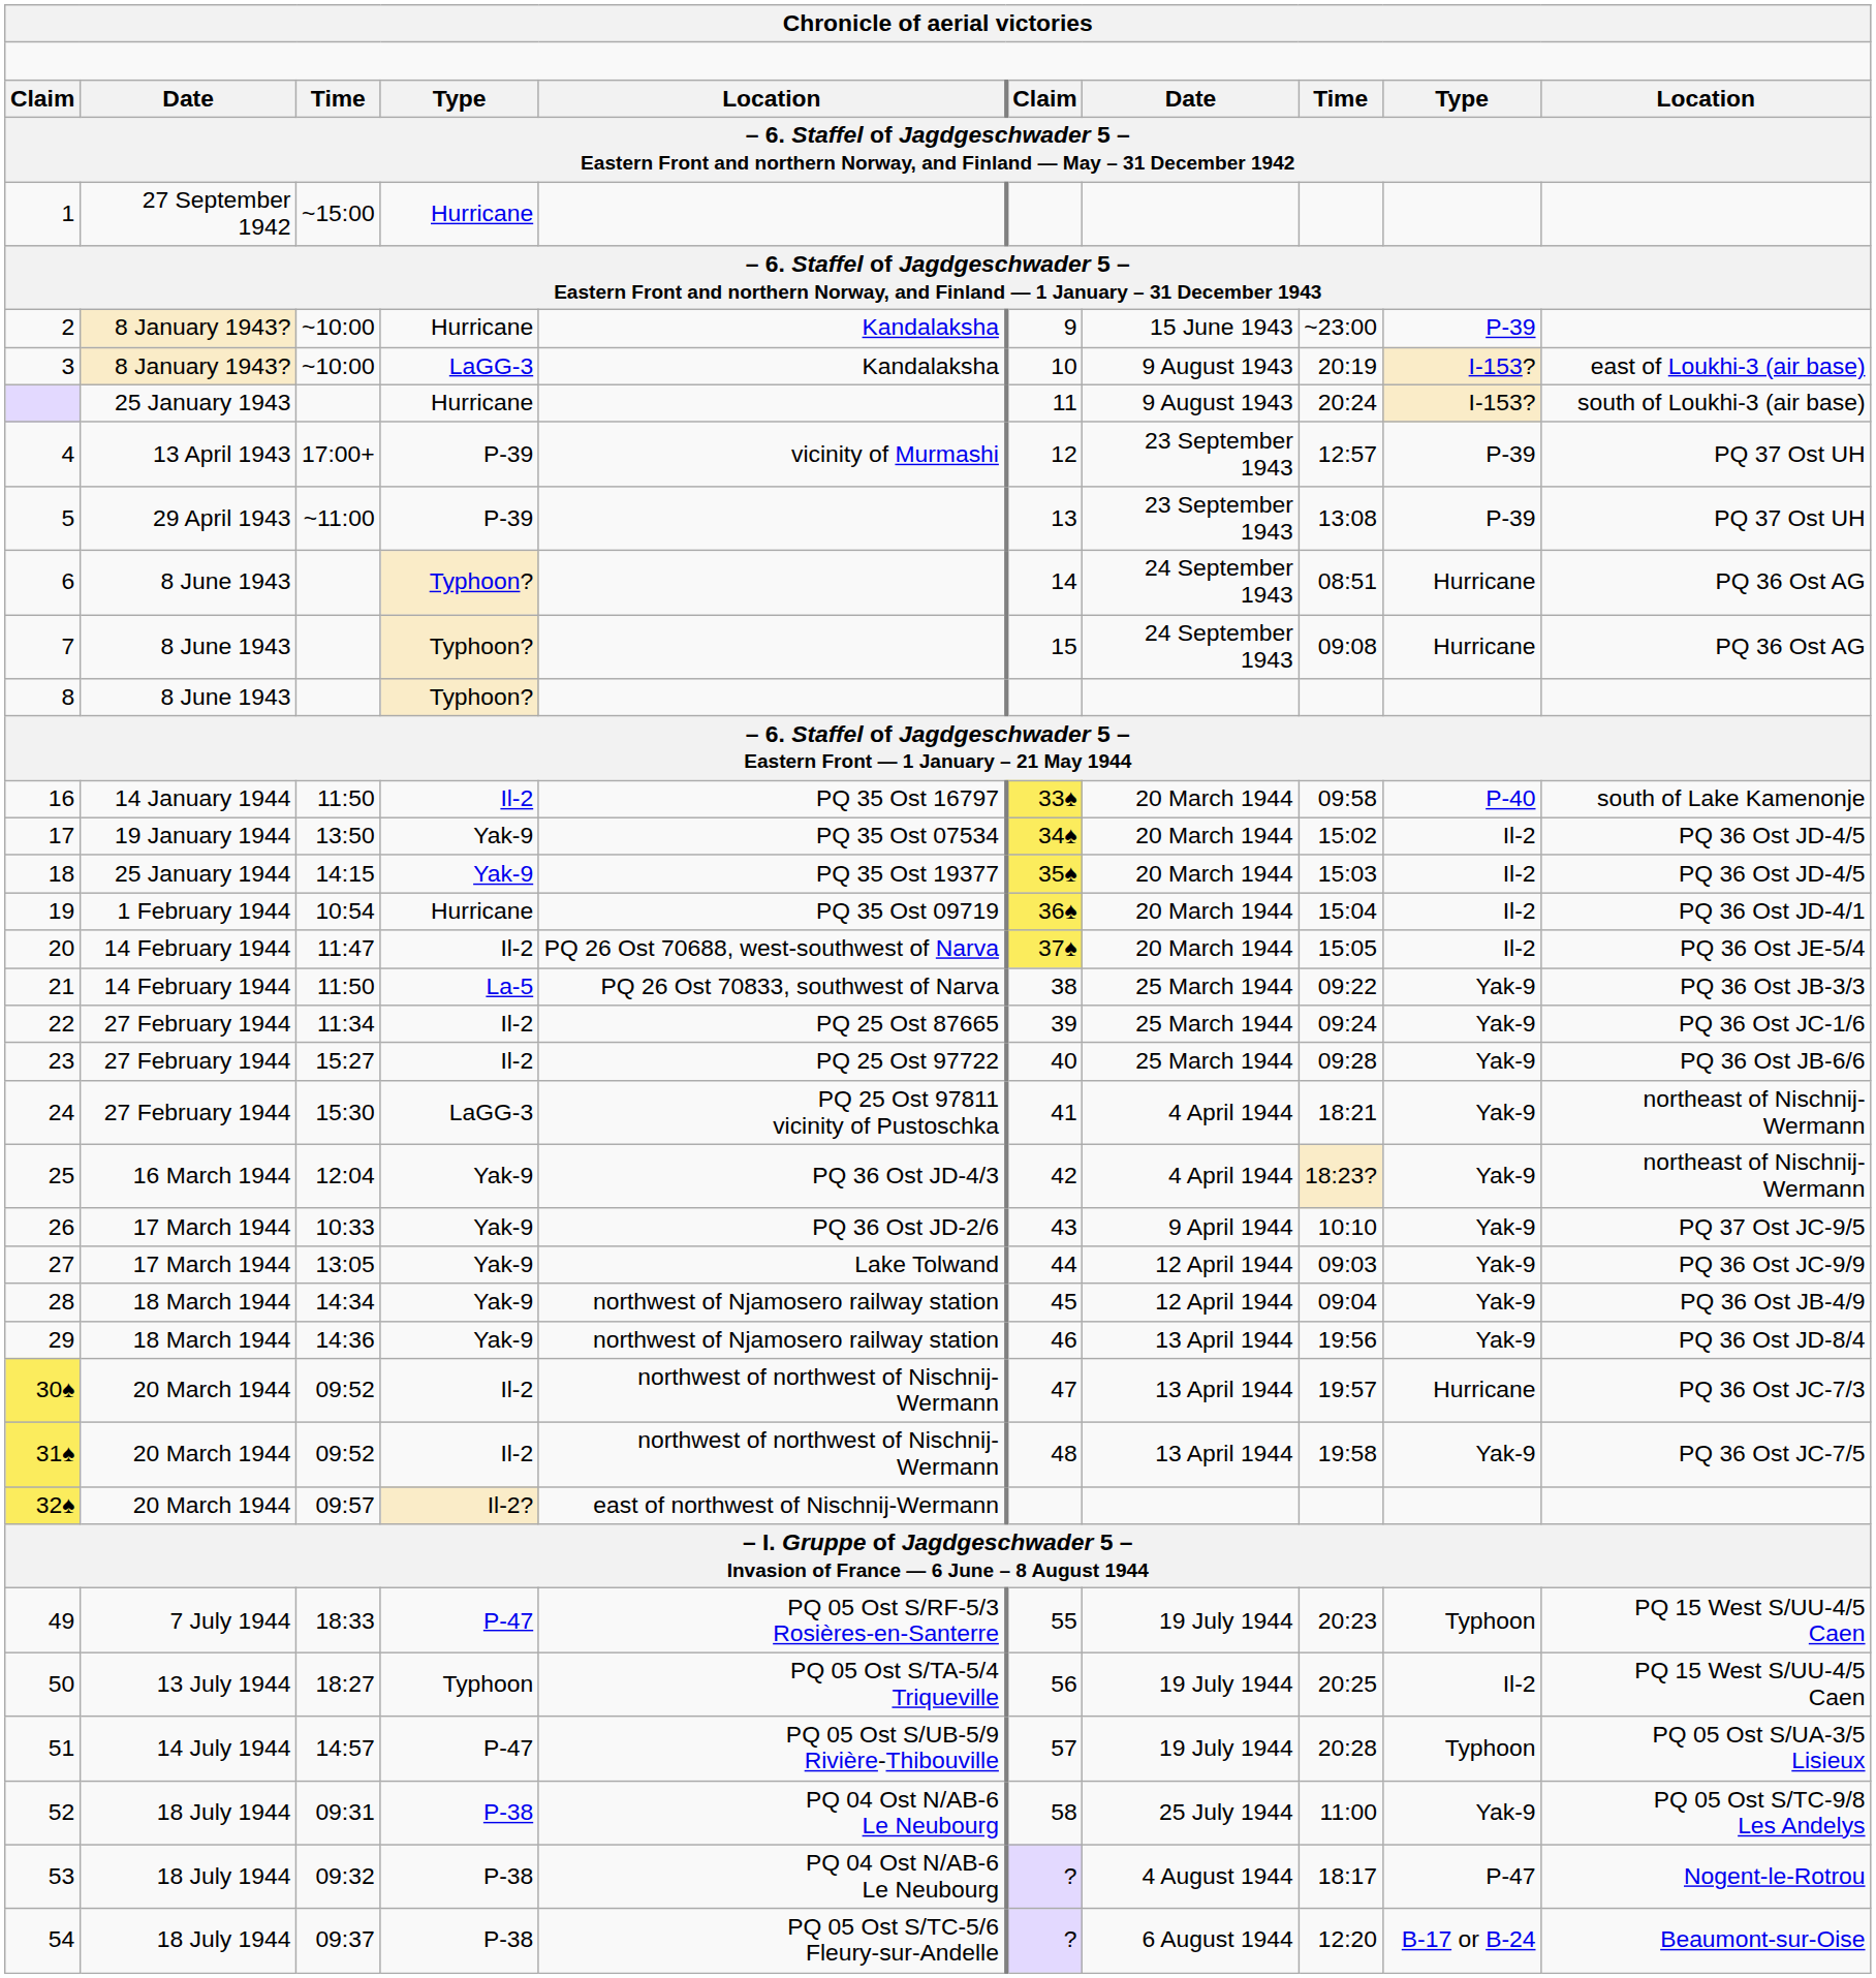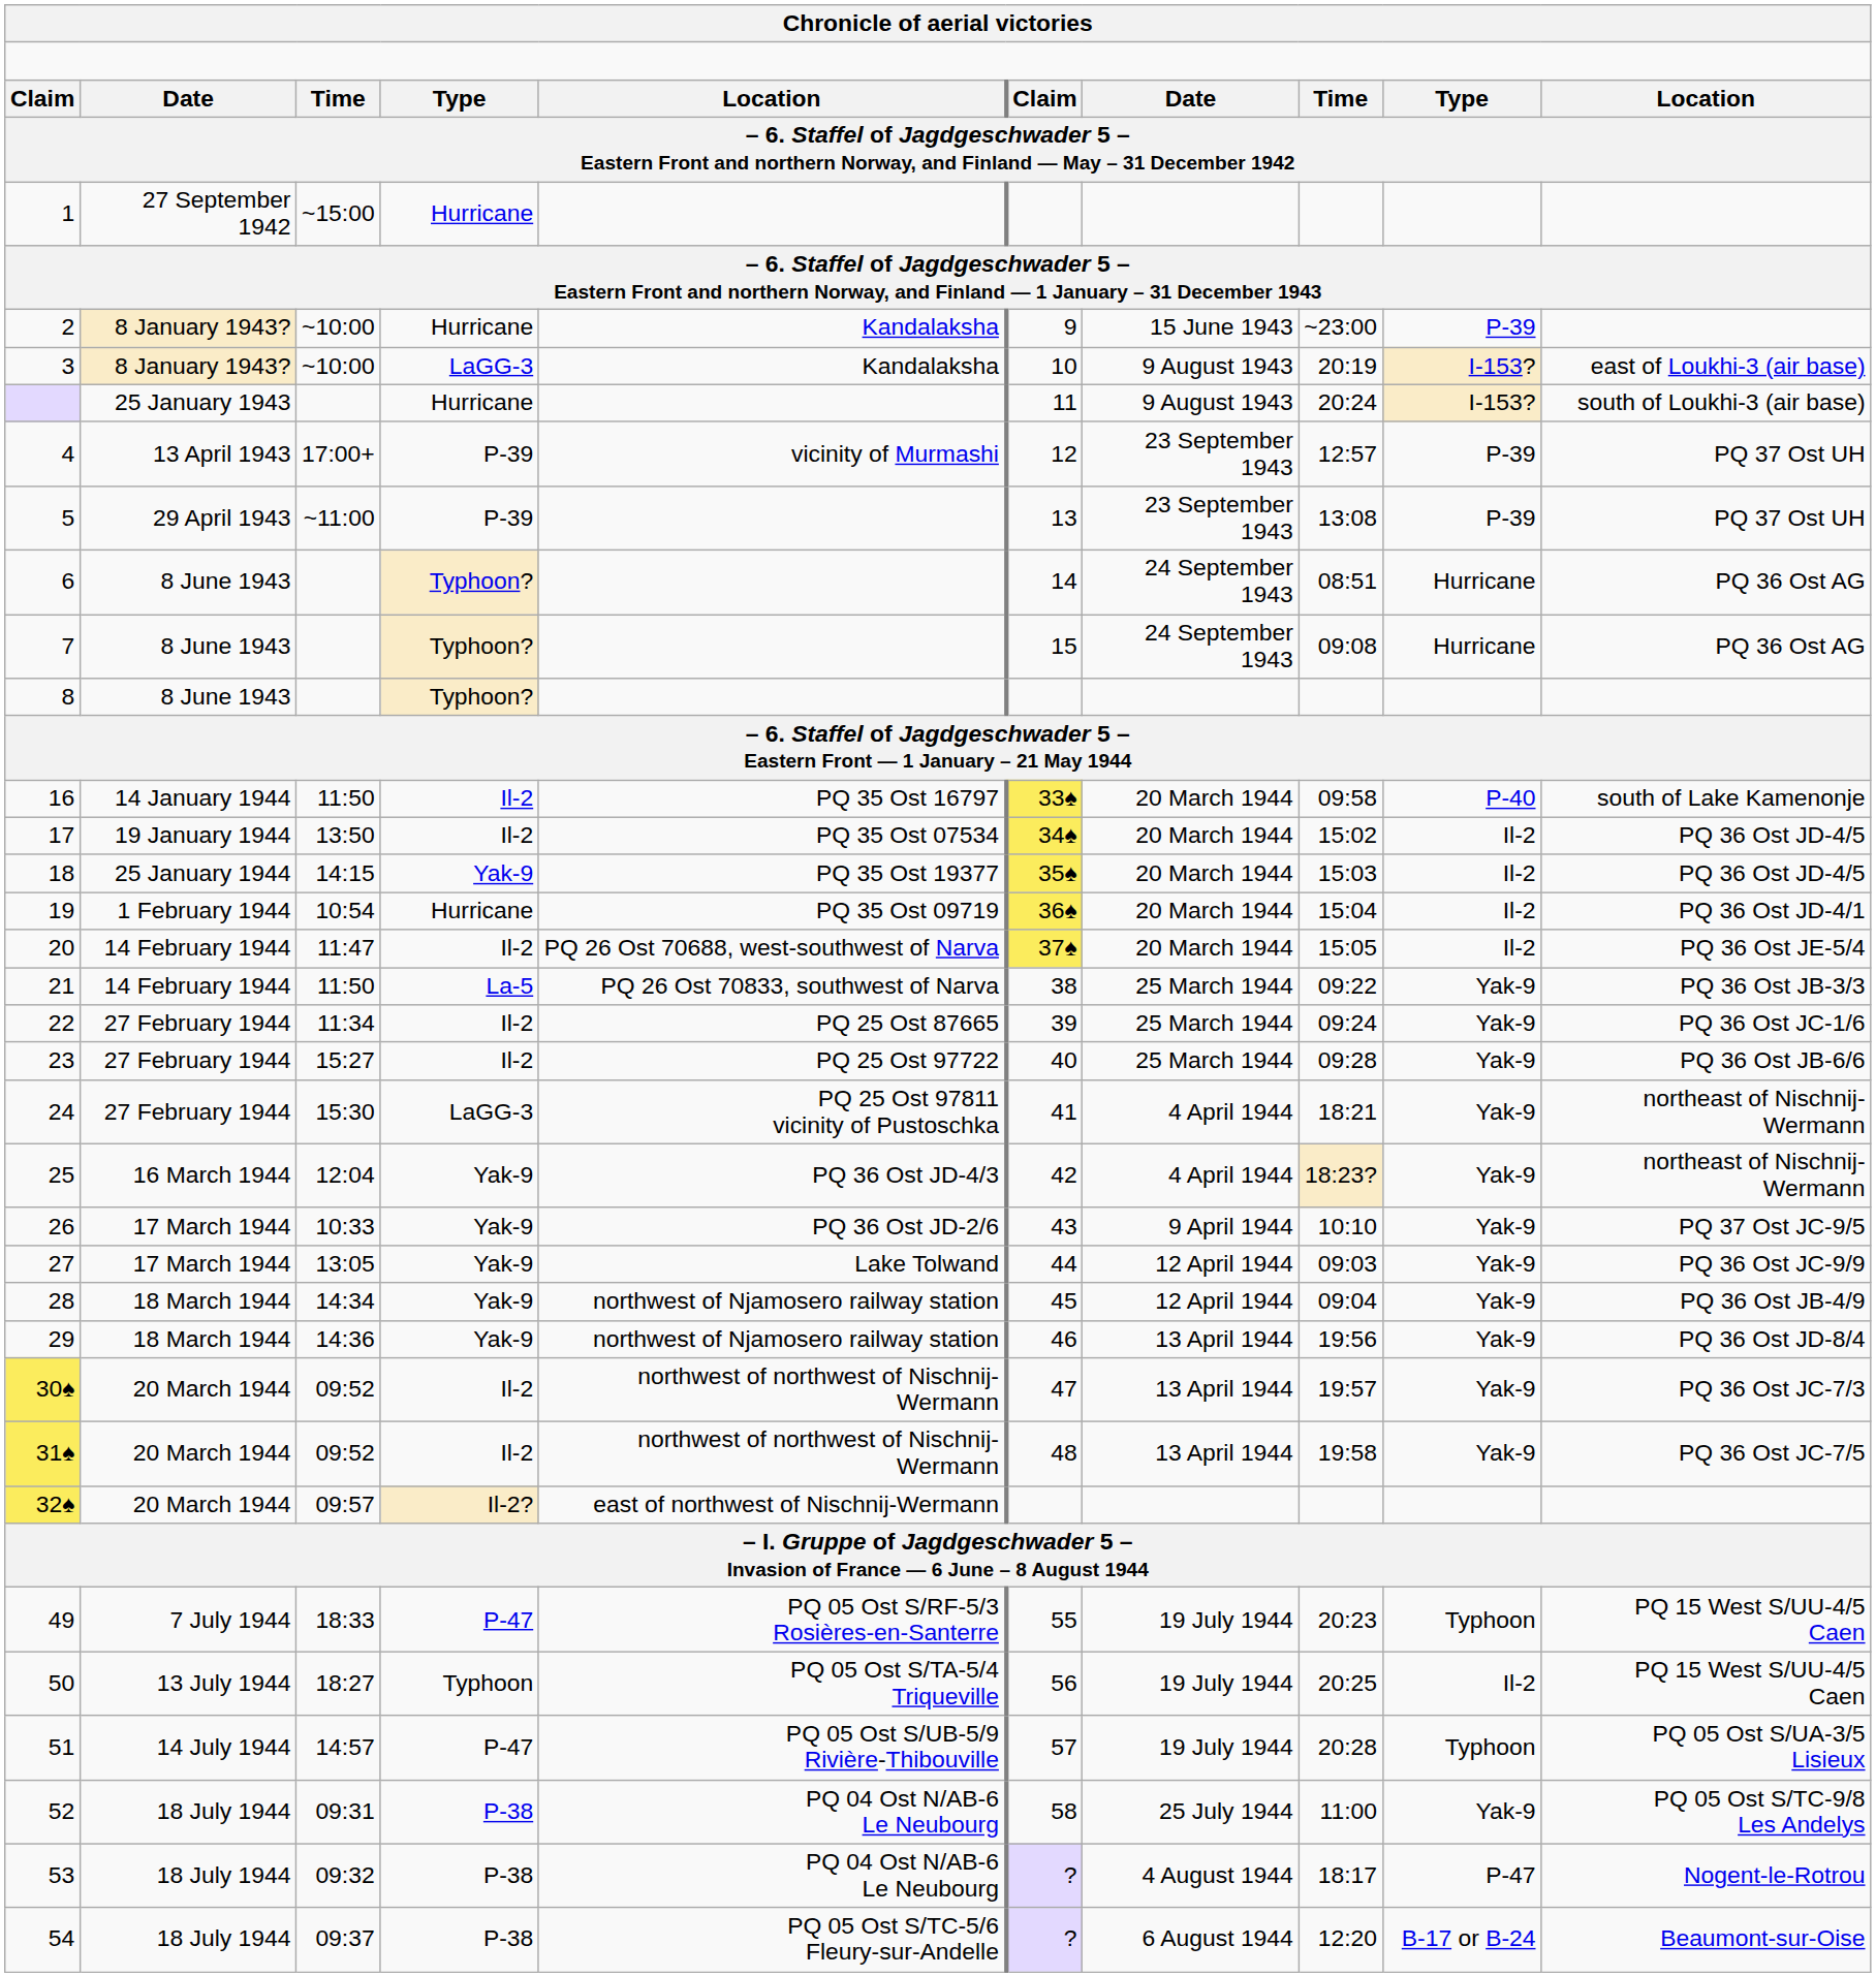 <table class="wikitable plainrowheaders collapsible" style="margin-left: auto; margin-right: auto; border: none; text-align:right; width: 100%;">
 <tr>
 <th colspan="10">Chronicle of aerial victories</th>
 </tr>
 <tr>
 <td colspan="10" style="text-align: left;"><br>  </td>
 </tr>
 <tr>
 <th scope="col">Claim</th>
 <th scope="col">Date</th>
 <th scope="col">Time</th>
 <th scope="col" width="100px">Type</th>
 <th scope="col">Location</th>
 <th scope="col" style="border-left: 3px solid grey;">Claim</th>
 <th scope="col">Date</th>
 <th scope="col">Time</th>
 <th scope="col" width="100px">Type</th>
 <th scope="col">Location</th>
 </tr>
 <tr>
 <th colspan="10">– 6. <em>Staffel</em> of <em>Jagdgeschwader</em> 5 –<br><small>Eastern Front and northern Norway, and Finland — May – 31 December 1942</small></th>
 </tr>
 <tr>
 <td>1</td>
 <td>27 September 1942</td>
 <td>~15:00</td>
 <td><a href='#'>Hurricane</a></td>
 <td></td>
 <td style="border-left: 3px solid grey;"></td>
 <td></td>
 <td></td>
 <td></td>
 <td></td>
 </tr>
 <tr>
 <th colspan="10">– 6. <em>Staffel</em> of <em>Jagdgeschwader</em> 5 –<br><small>Eastern Front and northern Norway, and Finland — 1 January – 31 December 1943</small></th>
 </tr>
 <tr>
 <td>2</td>
 <td style="background:#faecc8">8 January 1943?</td>
 <td>~10:00</td>
 <td>Hurricane</td>
 <td><a href='#'>Kandalaksha</a></td>
 <td style="border-left: 3px solid grey;">9</td>
 <td>15 June 1943</td>
 <td>~23:00</td>
 <td><a href='#'>P-39</a></td>
 <td></td>
 </tr>
 <tr>
 <td>3</td>
 <td style="background:#faecc8">8 January 1943?</td>
 <td>~10:00</td>
 <td><a href='#'>LaGG-3</a></td>
 <td>Kandalaksha</td>
 <td style="border-left: 3px solid grey;">10</td>
 <td>9 August 1943</td>
 <td>20:19</td>
 <td style="background:#faecc8"><a href='#'>I-153</a>?</td>
 <td>east of <a href='#'>Loukhi-3 (air base)</a></td>
 </tr>
 <tr>
 <td style="background:#e3d9ff;"></td>
 <td>25 January 1943</td>
 <td></td>
 <td>Hurricane</td>
 <td></td>
 <td style="border-left: 3px solid grey;">11</td>
 <td>9 August 1943</td>
 <td>20:24</td>
 <td style="background:#faecc8">I-153?</td>
 <td>south of Loukhi-3 (air base)</td>
 </tr>
 <tr>
 <td>4</td>
 <td>13 April 1943</td>
 <td>17:00+</td>
 <td>P-39</td>
 <td>vicinity of <a href='#'>Murmashi</a></td>
 <td style="border-left: 3px solid grey;">12</td>
 <td>23 September 1943</td>
 <td>12:57</td>
 <td>P-39</td>
 <td>PQ 37 Ost UH</td>
 </tr>
 <tr>
 <td>5</td>
 <td>29 April 1943</td>
 <td>~11:00</td>
 <td>P-39</td>
 <td></td>
 <td style="border-left: 3px solid grey;">13</td>
 <td>23 September 1943</td>
 <td>13:08</td>
 <td>P-39</td>
 <td>PQ 37 Ost UH</td>
 </tr>
 <tr>
 <td>6</td>
 <td>8 June 1943</td>
 <td></td>
 <td style="background:#faecc8"><a href='#'>Typhoon</a>?</td>
 <td></td>
 <td style="border-left: 3px solid grey;">14</td>
 <td>24 September 1943</td>
 <td>08:51</td>
 <td>Hurricane</td>
 <td>PQ 36 Ost AG</td>
 </tr>
 <tr>
 <td>7</td>
 <td>8 June 1943</td>
 <td></td>
 <td style="background:#faecc8">Typhoon?</td>
 <td></td>
 <td style="border-left: 3px solid grey;">15</td>
 <td>24 September 1943</td>
 <td>09:08</td>
 <td>Hurricane</td>
 <td>PQ 36 Ost AG</td>
 </tr>
 <tr>
 <td>8</td>
 <td>8 June 1943</td>
 <td></td>
 <td style="background:#faecc8">Typhoon?</td>
 <td></td>
 <td style="border-left: 3px solid grey;"></td>
 <td></td>
 <td></td>
 <td></td>
 <td></td>
 </tr>
 <tr>
 <th colspan="10">– 6. <em>Staffel</em> of <em>Jagdgeschwader</em> 5 –<br><small>Eastern Front — 1 January – 21 May 1944</small></th>
 </tr>
 <tr>
 <td>16</td>
 <td>14 January 1944</td>
 <td>11:50</td>
 <td><a href='#'>Il-2</a></td>
 <td>PQ 35 Ost 16797</td>
 <td style="border-left: 3px solid grey; background:#fbec5d;">33♠</td>
 <td>20 March 1944</td>
 <td>09:58</td>
 <td><a href='#'>P-40</a></td>
 <td>south of Lake Kamenonje</td>
 </tr>
 <tr>
 <td>17</td>
 <td>19 January 1944</td>
 <td>13:50</td>
-<td>Yak-9</td>
+<td>Il-2</td>
 <td>PQ 35 Ost 07534</td>
 <td style="border-left: 3px solid grey; background:#fbec5d;">34♠</td>
 <td>20 March 1944</td>
 <td>15:02</td>
 <td>Il-2</td>
 <td>PQ 36 Ost JD-4/5</td>
 </tr>
 <tr>
 <td>18</td>
 <td>25 January 1944</td>
 <td>14:15</td>
 <td><a href='#'>Yak-9</a></td>
 <td>PQ 35 Ost 19377</td>
 <td style="border-left: 3px solid grey; background:#fbec5d;">35♠</td>
 <td>20 March 1944</td>
 <td>15:03</td>
 <td>Il-2</td>
 <td>PQ 36 Ost JD-4/5</td>
 </tr>
 <tr>
 <td>19</td>
 <td>1 February 1944</td>
 <td>10:54</td>
 <td>Hurricane</td>
 <td>PQ 35 Ost 09719</td>
 <td style="border-left: 3px solid grey; background:#fbec5d;">36♠</td>
 <td>20 March 1944</td>
 <td>15:04</td>
 <td>Il-2</td>
 <td>PQ 36 Ost JD-4/1</td>
 </tr>
 <tr>
 <td>20</td>
 <td>14 February 1944</td>
 <td>11:47</td>
 <td>Il-2</td>
 <td>PQ 26 Ost 70688, west-southwest of <a href='#'>Narva</a></td>
 <td style="border-left: 3px solid grey; background:#fbec5d;">37♠</td>
 <td>20 March 1944</td>
 <td>15:05</td>
 <td>Il-2</td>
 <td>PQ 36 Ost JE-5/4</td>
 </tr>
 <tr>
 <td>21</td>
 <td>14 February 1944</td>
 <td>11:50</td>
 <td><a href='#'>La-5</a></td>
 <td>PQ 26 Ost 70833, southwest of Narva</td>
 <td style="border-left: 3px solid grey;">38</td>
 <td>25 March 1944</td>
 <td>09:22</td>
 <td>Yak-9</td>
 <td>PQ 36 Ost JB-3/3</td>
 </tr>
 <tr>
 <td>22</td>
 <td>27 February 1944</td>
 <td>11:34</td>
 <td>Il-2</td>
 <td>PQ 25 Ost 87665</td>
 <td style="border-left: 3px solid grey;">39</td>
 <td>25 March 1944</td>
 <td>09:24</td>
 <td>Yak-9</td>
 <td>PQ 36 Ost JC-1/6</td>
 </tr>
 <tr>
 <td>23</td>
 <td>27 February 1944</td>
 <td>15:27</td>
 <td>Il-2</td>
 <td>PQ 25 Ost 97722</td>
 <td style="border-left: 3px solid grey;">40</td>
 <td>25 March 1944</td>
 <td>09:28</td>
 <td>Yak-9</td>
 <td>PQ 36 Ost JB-6/6</td>
 </tr>
 <tr>
 <td>24</td>
 <td>27 February 1944</td>
 <td>15:30</td>
 <td>LaGG-3</td>
 <td>PQ 25 Ost 97811<br>vicinity of Pustoschka</td>
 <td style="border-left: 3px solid grey;">41</td>
 <td>4 April 1944</td>
 <td>18:21</td>
 <td>Yak-9</td>
 <td>northeast of Nischnij-Wermann</td>
 </tr>
 <tr>
 <td>25</td>
 <td>16 March 1944</td>
 <td>12:04</td>
 <td>Yak-9</td>
 <td>PQ 36 Ost JD-4/3</td>
 <td style="border-left: 3px solid grey;">42</td>
 <td>4 April 1944</td>
 <td style="background:#faecc8">18:23?</td>
 <td>Yak-9</td>
 <td>northeast of Nischnij-Wermann</td>
 </tr>
 <tr>
 <td>26</td>
 <td>17 March 1944</td>
 <td>10:33</td>
 <td>Yak-9</td>
 <td>PQ 36 Ost JD-2/6</td>
 <td style="border-left: 3px solid grey;">43</td>
 <td>9 April 1944</td>
 <td>10:10</td>
 <td>Yak-9</td>
 <td>PQ 37 Ost JC-9/5</td>
 </tr>
 <tr>
 <td>27</td>
 <td>17 March 1944</td>
 <td>13:05</td>
 <td>Yak-9</td>
 <td>Lake Tolwand</td>
 <td style="border-left: 3px solid grey;">44</td>
 <td>12 April 1944</td>
 <td>09:03</td>
 <td>Yak-9</td>
 <td>PQ 36 Ost JC-9/9</td>
 </tr>
 <tr>
 <td>28</td>
 <td>18 March 1944</td>
 <td>14:34</td>
 <td>Yak-9</td>
 <td>northwest of Njamosero railway station</td>
 <td style="border-left: 3px solid grey;">45</td>
 <td>12 April 1944</td>
 <td>09:04</td>
 <td>Yak-9</td>
 <td>PQ 36 Ost JB-4/9</td>
 </tr>
 <tr>
 <td>29</td>
 <td>18 March 1944</td>
 <td>14:36</td>
 <td>Yak-9</td>
 <td>northwest of Njamosero railway station</td>
 <td style="border-left: 3px solid grey;">46</td>
 <td>13 April 1944</td>
 <td>19:56</td>
 <td>Yak-9</td>
 <td>PQ 36 Ost JD-8/4</td>
 </tr>
 <tr>
 <td style="background:#fbec5d;">30♠</td>
 <td>20 March 1944</td>
 <td>09:52</td>
 <td>Il-2</td>
 <td>northwest of northwest of Nischnij-Wermann</td>
 <td style="border-left: 3px solid grey;">47</td>
 <td>13 April 1944</td>
 <td>19:57</td>
-<td>Hurricane</td>
+<td>Yak-9</td>
 <td>PQ 36 Ost JC-7/3</td>
 </tr>
 <tr>
 <td style="background:#fbec5d;">31♠</td>
 <td>20 March 1944</td>
 <td>09:52</td>
 <td>Il-2</td>
 <td>northwest of northwest of Nischnij-Wermann</td>
 <td style="border-left: 3px solid grey;">48</td>
 <td>13 April 1944</td>
 <td>19:58</td>
 <td>Yak-9</td>
 <td>PQ 36 Ost JC-7/5</td>
 </tr>
 <tr>
 <td style="background:#fbec5d;">32♠</td>
 <td>20 March 1944</td>
 <td>09:57</td>
 <td style="background:#faecc8">Il-2?</td>
 <td>east of northwest of Nischnij-Wermann</td>
 <td style="border-left: 3px solid grey;"></td>
 <td></td>
 <td></td>
 <td></td>
 <td></td>
 </tr>
 <tr>
 <th colspan="10">– I. <em>Gruppe</em> of <em>Jagdgeschwader</em> 5 –<br><small>Invasion of France — 6 June – 8 August 1944</small></th>
 </tr>
 <tr>
 <td>49</td>
 <td>7 July 1944</td>
 <td>18:33</td>
 <td><a href='#'>P-47</a></td>
 <td>PQ 05 Ost S/RF-5/3<br><a href='#'>Rosières-en-Santerre</a></td>
 <td style="border-left: 3px solid grey;">55</td>
 <td>19 July 1944</td>
 <td>20:23</td>
 <td>Typhoon</td>
 <td>PQ 15 West S/UU-4/5<br><a href='#'>Caen</a></td>
 </tr>
 <tr>
 <td>50</td>
 <td>13 July 1944</td>
 <td>18:27</td>
 <td>Typhoon</td>
 <td>PQ 05 Ost S/TA-5/4<br><a href='#'>Triqueville</a></td>
 <td style="border-left: 3px solid grey;">56</td>
 <td>19 July 1944</td>
 <td>20:25</td>
 <td>Il-2</td>
 <td>PQ 15 West S/UU-4/5<br>Caen</td>
 </tr>
 <tr>
 <td>51</td>
 <td>14 July 1944</td>
 <td>14:57</td>
 <td>P-47</td>
 <td>PQ 05 Ost S/UB-5/9<br><a href='#'>Rivière</a>-<a href='#'>Thibouville</a></td>
 <td style="border-left: 3px solid grey;">57</td>
 <td>19 July 1944</td>
 <td>20:28</td>
 <td>Typhoon</td>
 <td>PQ 05 Ost S/UA-3/5<br><a href='#'>Lisieux</a></td>
 </tr>
 <tr>
 <td>52</td>
 <td>18 July 1944</td>
 <td>09:31</td>
 <td><a href='#'>P-38</a></td>
 <td>PQ 04 Ost N/AB-6<br><a href='#'>Le Neubourg</a></td>
 <td style="border-left: 3px solid grey;">58</td>
 <td>25 July 1944</td>
 <td>11:00</td>
 <td>Yak-9</td>
 <td>PQ 05 Ost S/TC-9/8<br><a href='#'>Les Andelys</a></td>
 </tr>
 <tr>
 <td>53</td>
 <td>18 July 1944</td>
 <td>09:32</td>
 <td>P-38</td>
 <td>PQ 04 Ost N/AB-6<br>Le Neubourg</td>
 <td style="border-left: 3px solid grey; background:#e3d9ff;">?</td>
 <td>4 August 1944</td>
 <td>18:17</td>
 <td>P-47</td>
 <td><a href='#'>Nogent-le-Rotrou</a></td>
 </tr>
 <tr>
 <td>54</td>
 <td>18 July 1944</td>
 <td>09:37</td>
 <td>P-38</td>
 <td>PQ 05 Ost S/TC-5/6<br>Fleury-sur-Andelle</td>
 <td style="border-left: 3px solid grey; background:#e3d9ff;">?</td>
 <td>6 August 1944</td>
 <td>12:20</td>
 <td><a href='#'>B-17</a> or <a href='#'>B-24</a></td>
 <td><a href='#'>Beaumont-sur-Oise</a></td>
 </tr>
 </table>
